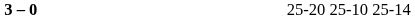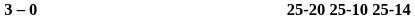 <table width=100% cellspacing=1>
 <tr>
 <th width=20%></th>
 <th width=12%></th>
 <th width=20%></th>
 <th width=33%></th>
 <td></td>
 </tr>
 <tr style=font-size:90%>
 <td align=right><strong></strong></td>
 <td align=center><strong>3 – 0</strong></td>
 <td></td>
-<td>25-20 25-10 25-14</td>
+<td><strong>25-20 25-10 25-14</strong></td>
 </tr>
 </table>
